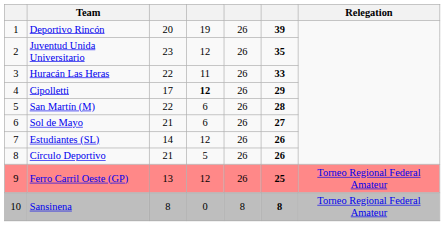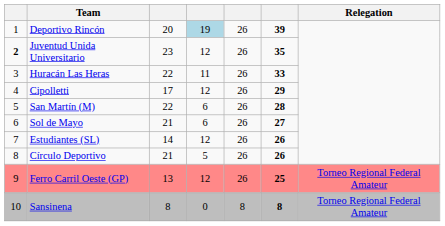 <table class="wikitable" style="text-align: center;">
 <tr>
 <th width=28><br></th>
 <th width=180>Team</th>
 <th width=50></th>
 <th width=50></th>
 <th width=50></th>
 <th width=50></th>
 <th width=210>Relegation</th>
 </tr>
 <tr>
 <td>1</td>
 <td align="left"><a href='#'>Deportivo Rincón</a></td>
 <td>20</td>
-<td>19</td>
+<td style="background: lightblue;">19</td>
 <td>26</td>
 <td><strong>39</strong></td>
 </tr>
 <tr>
-<td>2</td>
+<td><strong>2</strong></td>
 <td align="left"><a href='#'>Juventud Unida Universitario</a></td>
 <td>23</td>
 <td>12</td>
 <td>26</td>
 <td><strong>35</strong></td>
 </tr>
 <tr>
 <td>3</td>
 <td align="left"><a href='#'>Huracán Las Heras</a></td>
 <td>22</td>
 <td>11</td>
 <td>26</td>
 <td><strong>33</strong></td>
 </tr>
 <tr>
 <td>4</td>
 <td align="left"><a href='#'>Cipolletti</a></td>
 <td>17</td>
-<td><strong>12</strong></td>
+<td>12</td>
 <td>26</td>
 <td><strong>29</strong></td>
 </tr>
 <tr>
 <td>5</td>
 <td align="left"><a href='#'>San Martín (M)</a></td>
 <td>22</td>
 <td>6</td>
 <td>26</td>
 <td><strong>28</strong></td>
 </tr>
 <tr>
 <td>6</td>
 <td align="left"><a href='#'>Sol de Mayo</a></td>
 <td>21</td>
 <td>6</td>
 <td>26</td>
 <td><strong>27</strong></td>
 </tr>
 <tr>
 <td>7</td>
 <td align="left"><a href='#'>Estudiantes (SL)</a></td>
 <td>14</td>
 <td>12</td>
 <td>26</td>
 <td><strong>26</strong></td>
 </tr>
 <tr>
 <td>8</td>
 <td align="left"><a href='#'>Círculo Deportivo</a></td>
 <td>21</td>
 <td>5</td>
 <td>26</td>
 <td><strong>26</strong></td>
 </tr>
 <tr bgcolor=#FF8888>
 <td>9</td>
 <td align="left"><a href='#'>Ferro Carril Oeste (GP)</a></td>
 <td>13</td>
 <td>12</td>
 <td>26</td>
 <td><strong>25</strong></td>
 <td><a href='#'>Torneo Regional Federal Amateur</a></td>
 </tr>
 <tr bgcolor=#BEBEBE>
 <td>10</td>
 <td align="left"><a href='#'>Sansinena</a></td>
 <td>8</td>
 <td>0</td>
 <td>8</td>
 <td><strong>8</strong></td>
 <td><a href='#'>Torneo Regional Federal Amateur</a></td>
 </tr>
 </table>
